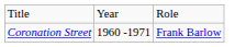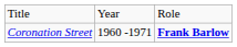 <table class="wikitable">
 <tr>
 <td>Title</td>
 <td>Year</td>
 <td>Role</td>
 </tr>
 <tr>
 <td><em><a href='#'>Coronation Street</a></em></td>
 <td>1960 -1971</td>
-<td><a href='#'>Frank Barlow</a></td>
+<td><strong><a href='#'>Frank Barlow</a></strong></td>
 </tr>
 </table>
